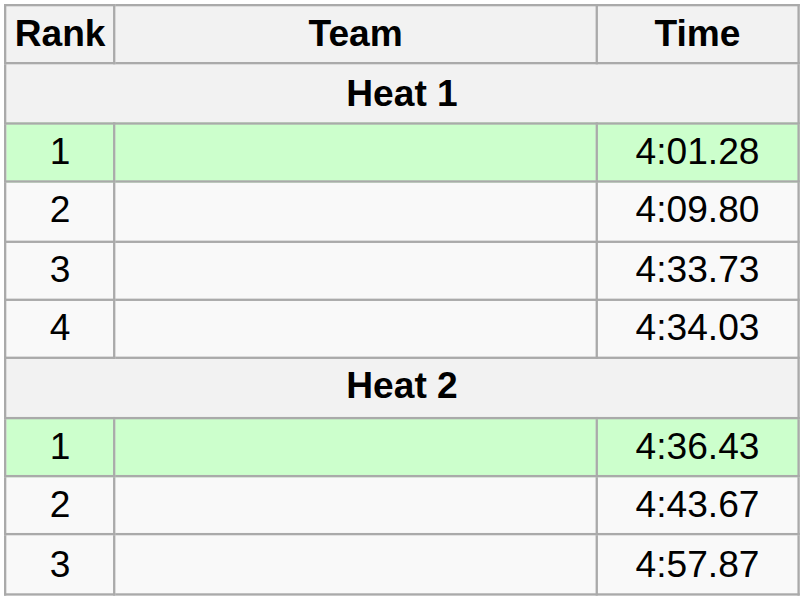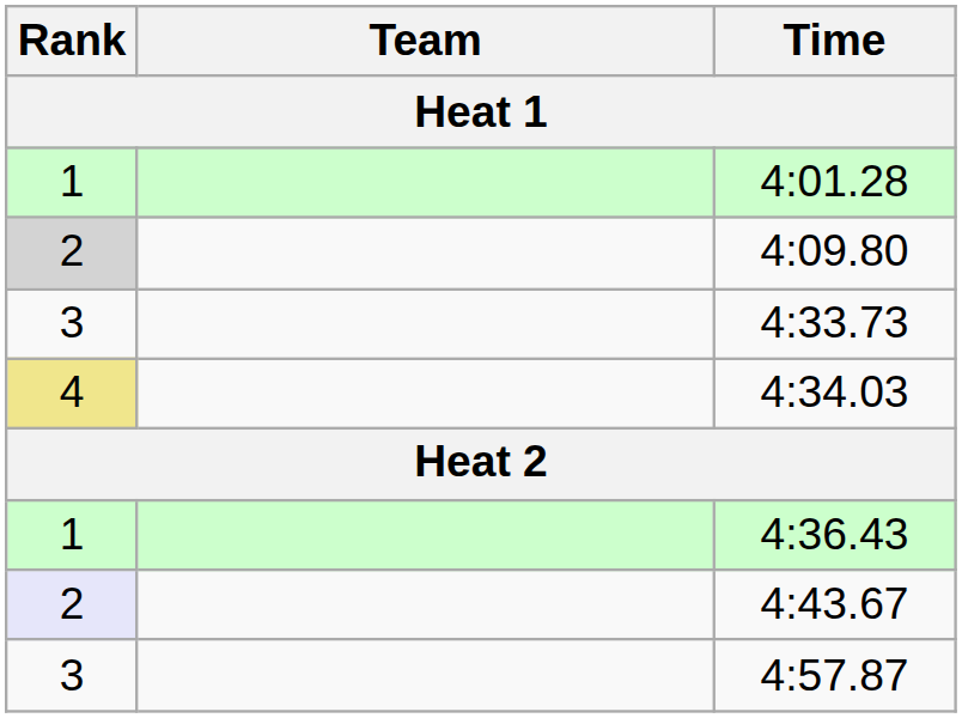 <table class=wikitable style="text-align:center">
 <tr>
 <th width=40>Rank</th>
 <th width=200>Team</th>
 <th width=80>Time</th>
 </tr>
 <tr>
 <th colspan=3>Heat 1</th>
 </tr>
 <tr bgcolor="#ccffcc">
 <td>1</td>
 <td align=left></td>
 <td>4:01.28</td>
 </tr>
 <tr>
-<td>2</td>
+<td style="background: lightgrey;">2</td>
 <td align=left></td>
 <td>4:09.80</td>
 </tr>
 <tr>
 <td>3</td>
 <td align=left></td>
 <td>4:33.73</td>
 </tr>
 <tr>
-<td>4</td>
+<td style="background: khaki;">4</td>
 <td align=left></td>
 <td>4:34.03</td>
 </tr>
 <tr>
 <th colspan=3>Heat 2</th>
 </tr>
 <tr bgcolor="#ccffcc">
 <td>1</td>
 <td align=left></td>
 <td>4:36.43</td>
 </tr>
 <tr>
-<td>2</td>
+<td style="background: lavender;">2</td>
 <td align=left></td>
 <td>4:43.67</td>
 </tr>
 <tr>
 <td>3</td>
 <td align=left></td>
 <td>4:57.87</td>
 </tr>
 </table>
